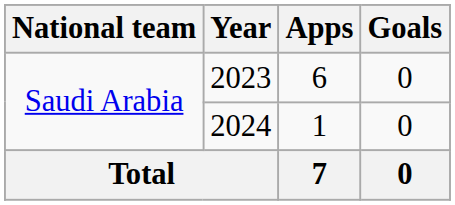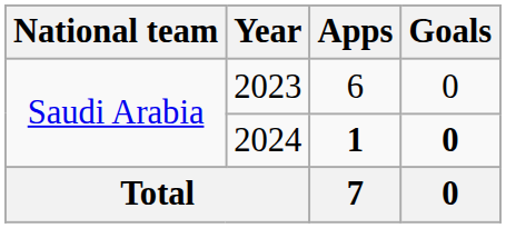 <table class="wikitable" style="text-align:center">
 <tr>
 <th>National team</th>
 <th>Year</th>
 <th>Apps</th>
 <th>Goals</th>
 </tr>
 <tr>
 <td rowspan="2"><a href='#'>Saudi Arabia</a></td>
 <td>2023</td>
 <td>6</td>
 <td>0</td>
 </tr>
 <tr>
 <td>2024</td>
-<td>1</td>
-<td>0</td>
+<td><strong>1</strong></td>
+<td><strong>0</strong></td>
 </tr>
 <tr>
 <th colspan="2">Total</th>
 <th>7</th>
 <th>0</th>
 </tr>
 </table>
